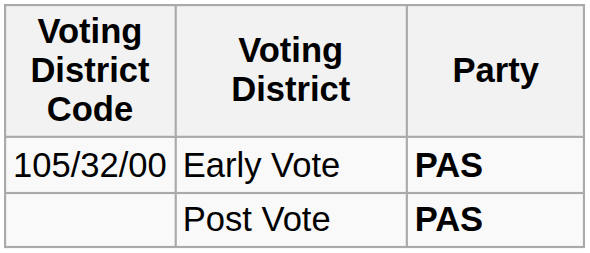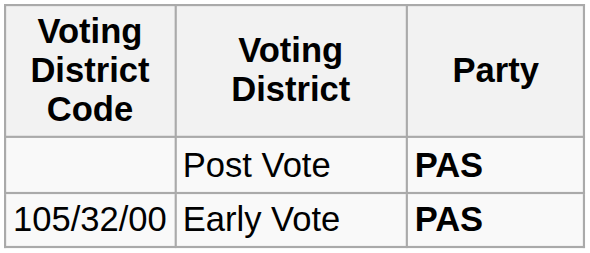 <table class ="wikitable sortable">
 <tr>
 <th style="width:30px;">Voting District Code</th>
 <th style="width:100px;">Voting District</th>
 <th style="width:75px;">Party</th>
 </tr>
 <tr>
+<td></td>
+<td>Post Vote</td>
+<td><strong>PAS</strong></td>
+</tr>
+<tr>
 <td>105/32/00</td>
 <td>Early Vote</td>
 <td><strong>PAS</strong></td>
 </tr>
-<tr>
-<td></td>
-<td>Post Vote</td>
-<td><strong>PAS</strong></td>
-</tr>
 </table>
